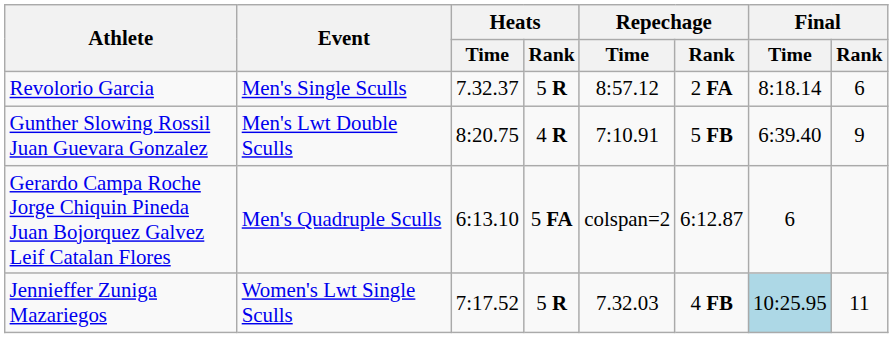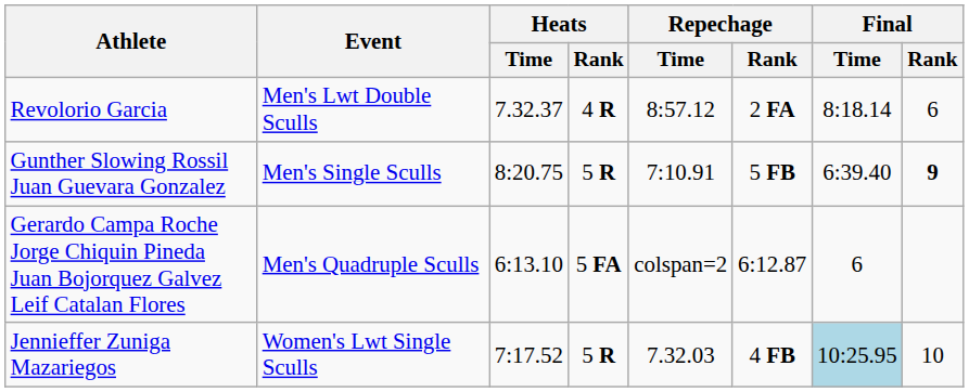 <table class="wikitable" style="font-size:90%">
 <tr>
 <th rowspan=2>Athlete</th>
 <th rowspan=2>Event</th>
 <th colspan="2">Heats</th>
 <th colspan="2">Repechage</th>
 <th colspan="2">Final</th>
 </tr>
 <tr style="font-size:95%">
 <th>Time</th>
 <th>Rank</th>
 <th>Time</th>
 <th>Rank</th>
 <th>Time</th>
 <th>Rank</th>
 </tr>
 <tr align=center>
 <td align=left><a href='#'>Revolorio Garcia</a></td>
-<td align=left><a href='#'>Men's Single Sculls</a></td>
+<td align=left><a href='#'>Men's Lwt Double Sculls</a></td>
 <td>7.32.37</td>
-<td>5 <strong>R</strong></td>
+<td>4 <strong>R</strong></td>
 <td>8:57.12</td>
 <td>2 <strong>FA</strong></td>
 <td>8:18.14</td>
 <td>6</td>
 </tr>
 <tr align=center>
 <td align=left><a href='#'>Gunther Slowing Rossil</a><br><a href='#'>Juan Guevara Gonzalez</a></td>
-<td align=left><a href='#'>Men's Lwt Double Sculls</a></td>
+<td align=left><a href='#'>Men's Single Sculls</a></td>
 <td>8:20.75</td>
-<td>4 <strong>R</strong></td>
+<td>5 <strong>R</strong></td>
 <td>7:10.91</td>
 <td>5 <strong>FB</strong></td>
 <td>6:39.40</td>
-<td>9</td>
+<td><strong>9</strong></td>
 </tr>
 <tr align=center>
 <td align=left><a href='#'>Gerardo Campa Roche</a><br><a href='#'>Jorge Chiquin Pineda</a><br><a href='#'>Juan Bojorquez Galvez</a><br><a href='#'>Leif Catalan Flores</a></td>
 <td align=left><a href='#'>Men's Quadruple Sculls</a></td>
 <td>6:13.10</td>
 <td>5 <strong>FA</strong></td>
 <td>colspan=2 </td>
 <td>6:12.87</td>
 <td>6</td>
 </tr>
 <tr align=center>
 <td align=left><a href='#'>Jennieffer Zuniga Mazariegos</a></td>
 <td align=left><a href='#'>Women's Lwt Single Sculls</a></td>
 <td>7:17.52</td>
 <td>5 <strong>R</strong></td>
 <td>7.32.03</td>
 <td>4 <strong>FB</strong></td>
 <td style="background: lightblue;">10:25.95</td>
-<td>11</td>
+<td>10</td>
 </tr>
 </table>
